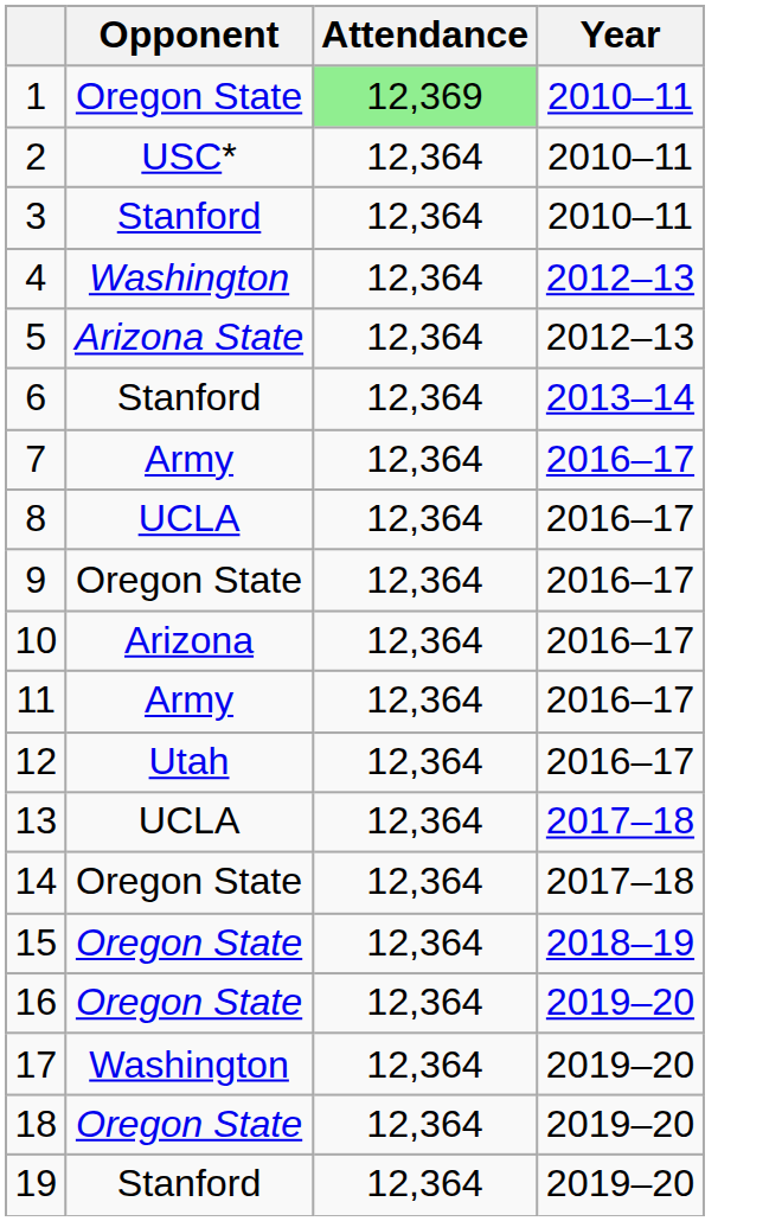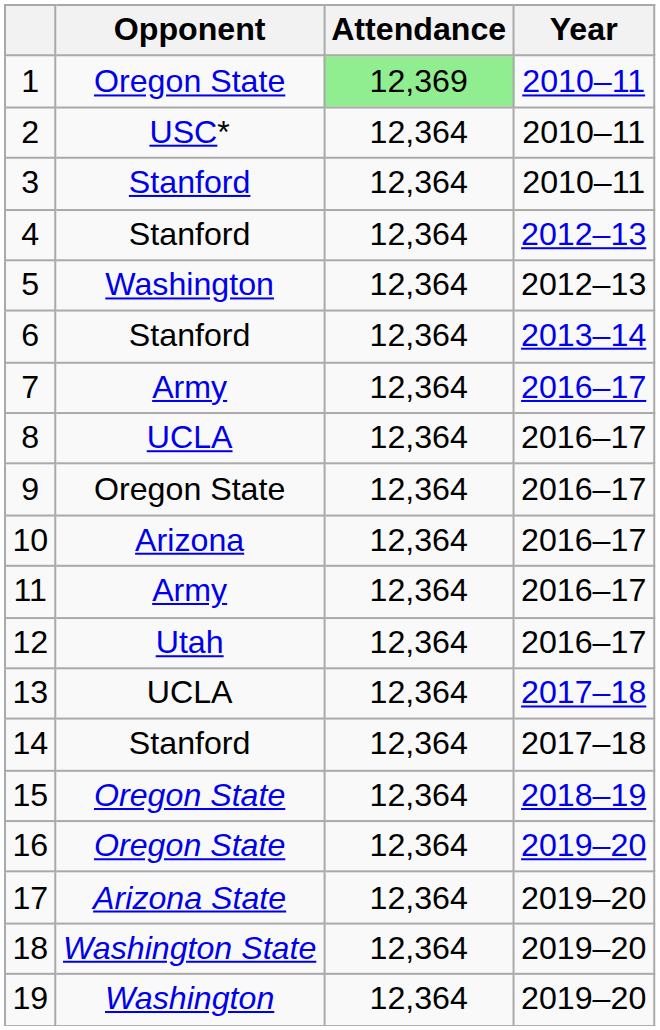 <table class="wikitable sortable" style="text-align:center; font-size:100%; title:Top ten attendance">
 <tr>
 <th></th>
 <th>Opponent</th>
 <th>Attendance</th>
 <th>Year</th>
 </tr>
 <tr>
 <td>1</td>
 <td><a href='#'>Oregon State</a></td>
 <td style="background: lightgreen;">12,369</td>
 <td><a href='#'>2010–11</a></td>
 </tr>
 <tr>
 <td>2</td>
 <td><a href='#'>USC</a>*</td>
 <td>12,364</td>
 <td>2010–11</td>
 </tr>
 <tr>
 <td>3</td>
 <td><a href='#'>Stanford</a></td>
 <td>12,364</td>
 <td>2010–11</td>
 </tr>
 <tr>
 <td>4</td>
-<td><em><a href='#'>Washington</a></em></td>
+<td>Stanford</td>
 <td>12,364</td>
 <td><a href='#'>2012–13</a></td>
 </tr>
 <tr>
 <td>5</td>
-<td><em><a href='#'>Arizona State</a></em></td>
+<td><a href='#'>Washington</a></td>
 <td>12,364</td>
 <td>2012–13</td>
 </tr>
 <tr>
 <td>6</td>
 <td>Stanford</td>
 <td>12,364</td>
 <td><a href='#'>2013–14</a></td>
 </tr>
 <tr>
 <td>7</td>
 <td><a href='#'>Army</a></td>
 <td>12,364</td>
 <td><a href='#'>2016–17</a></td>
 </tr>
 <tr>
 <td>8</td>
 <td><a href='#'>UCLA</a></td>
 <td>12,364</td>
 <td>2016–17</td>
 </tr>
 <tr>
 <td>9</td>
 <td>Oregon State</td>
 <td>12,364</td>
 <td>2016–17</td>
 </tr>
 <tr>
 <td>10</td>
 <td><a href='#'>Arizona</a></td>
 <td>12,364</td>
 <td>2016–17</td>
 </tr>
 <tr>
 <td>11</td>
 <td><a href='#'>Army</a></td>
 <td>12,364</td>
 <td>2016–17</td>
 </tr>
 <tr>
 <td>12</td>
 <td><a href='#'>Utah</a></td>
 <td>12,364</td>
 <td>2016–17</td>
 </tr>
 <tr>
 <td>13</td>
 <td>UCLA</td>
 <td>12,364</td>
 <td><a href='#'>2017–18</a></td>
 </tr>
 <tr>
 <td>14</td>
-<td>Oregon State</td>
+<td>Stanford</td>
 <td>12,364</td>
 <td>2017–18</td>
 </tr>
 <tr>
 <td>15</td>
 <td><em><a href='#'>Oregon State</a></em></td>
 <td>12,364</td>
 <td><a href='#'>2018–19</a></td>
 </tr>
 <tr>
 <td>16</td>
 <td><em><a href='#'>Oregon State</a></em></td>
 <td>12,364</td>
 <td><a href='#'>2019–20</a></td>
 </tr>
 <tr>
 <td>17</td>
-<td><a href='#'>Washington</a></td>
+<td><em><a href='#'>Arizona State</a></em></td>
 <td>12,364</td>
 <td>2019–20</td>
 </tr>
 <tr>
 <td>18</td>
-<td><em><a href='#'>Oregon State</a></em></td>
+<td><em><a href='#'>Washington State</a></em></td>
 <td>12,364</td>
 <td>2019–20</td>
 </tr>
 <tr>
 <td>19</td>
-<td>Stanford</td>
+<td><em><a href='#'>Washington</a></em></td>
 <td>12,364</td>
 <td>2019–20</td>
 </tr>
 </table>
